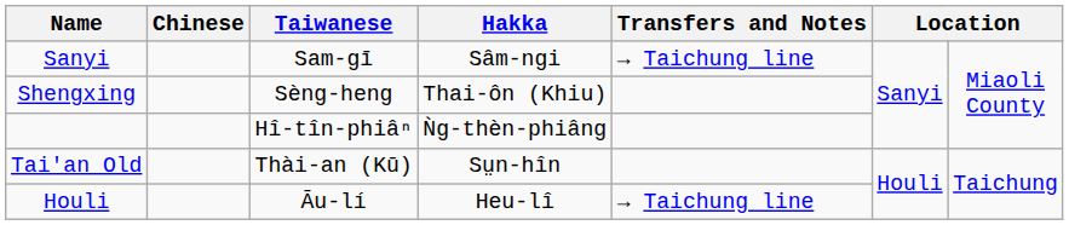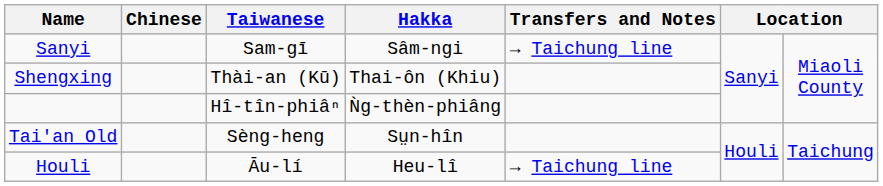 <table class=wikitable style="text-align:center">
 <tr>
 <th>Name</th>
 <th>Chinese</th>
 <th><a href='#'>Taiwanese</a></th>
 <th><a href='#'>Hakka</a></th>
 <th>Transfers and Notes</th>
 <th colspan=2>Location</th>
 </tr>
 <tr>
 <td><a href='#'>Sanyi</a></td>
 <td></td>
 <td>Sam-gī</td>
 <td>Sâm-ngi</td>
 <td align=left>→  <a href='#'>Taichung line</a></td>
 <td rowspan=3><a href='#'>Sanyi</a></td>
 <td rowspan=3><a href='#'>Miaoli<br>County</a></td>
 </tr>
 <tr>
 <td><a href='#'>Shengxing</a></td>
 <td></td>
-<td>Sèng-heng</td>
+<td>Thài-an (Kū)</td>
 <td>Thai-ôn (Khiu)</td>
 <td align=left></td>
 </tr>
 <tr>
 <td></td>
 <td></td>
 <td>Hî-tîn-phiâⁿ</td>
 <td>Ǹg-thèn-phiâng</td>
 <td align=left></td>
 </tr>
 <tr>
 <td><a href='#'>Tai'an Old</a></td>
 <td></td>
-<td>Thài-an (Kū)</td>
+<td>Sèng-heng</td>
 <td>Sṳn-hîn</td>
 <td align=left></td>
 <td rowspan=2><a href='#'>Houli</a></td>
 <td rowspan=2><a href='#'>Taichung</a></td>
 </tr>
 <tr>
 <td><a href='#'>Houli</a></td>
 <td></td>
 <td>Āu-lí</td>
 <td>Heu-lî</td>
 <td align=left>→  <a href='#'>Taichung line</a></td>
 </tr>
 </table>
